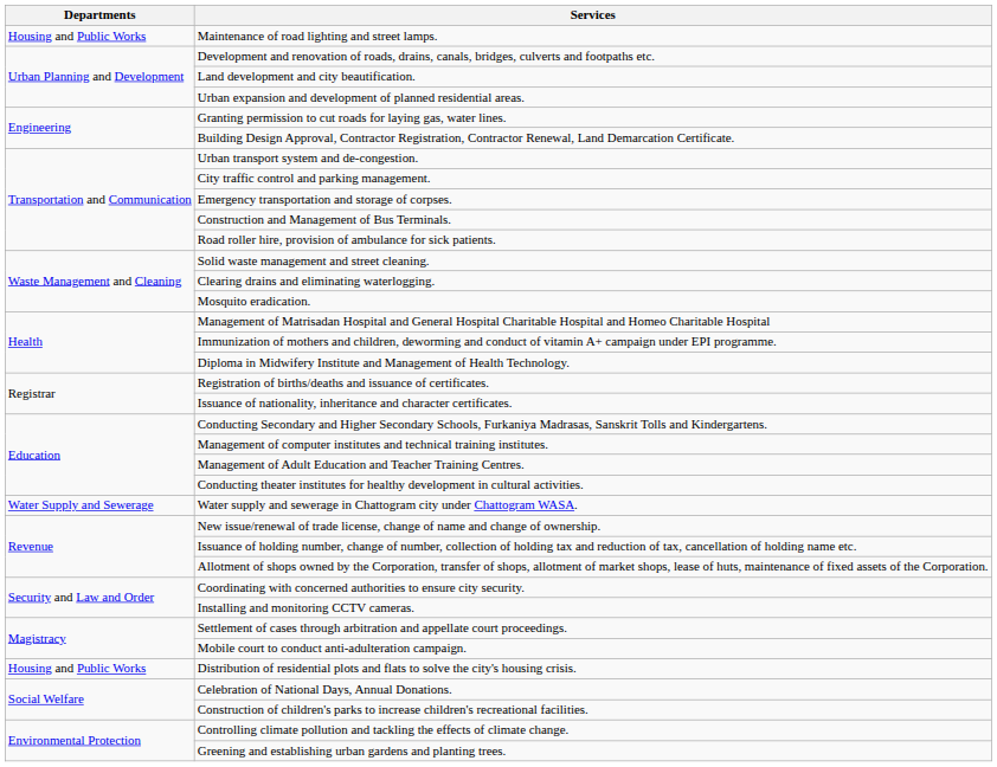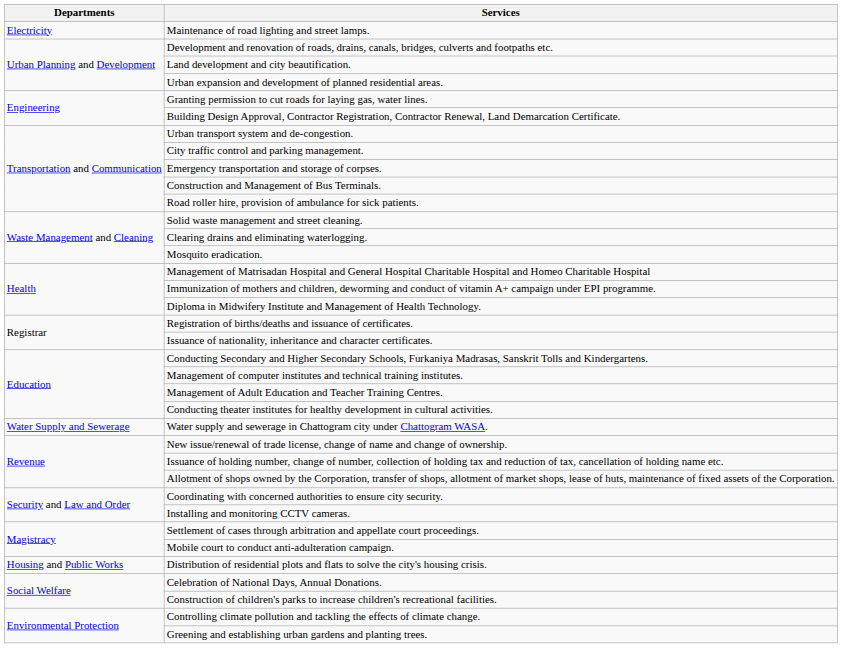 <table class="wikitable">
 <tr>
 <th>Departments</th>
 <th>Services</th>
 </tr>
 <tr>
-<td><a href='#'>Housing</a> and <a href='#'>Public Works</a></td>
+<td><a href='#'>Electricity</a></td>
 <td>Maintenance of road lighting and street lamps.</td>
 </tr>
 <tr>
 <td rowspan="3"><a href='#'>Urban Planning</a> and <a href='#'>Development</a></td>
 <td>Development and renovation of roads, drains, canals, bridges, culverts and footpaths etc.</td>
 </tr>
 <tr>
 <td>Land development and city beautification.</td>
 </tr>
 <tr>
 <td>Urban expansion and development of planned residential areas.</td>
 </tr>
 <tr>
 <td rowspan="2"><a href='#'>Engineering</a></td>
 <td>Granting permission to cut roads for laying gas, water lines.</td>
 </tr>
 <tr>
 <td>Building Design Approval, Contractor Registration, Contractor Renewal, Land Demarcation Certificate.</td>
 </tr>
 <tr>
 <td rowspan="5"><a href='#'>Transportation</a> and <a href='#'>Communication</a></td>
 <td>Urban transport system and de-congestion.</td>
 </tr>
 <tr>
 <td>City traffic control and parking management.</td>
 </tr>
 <tr>
 <td>Emergency transportation and storage of corpses.</td>
 </tr>
 <tr>
 <td>Construction and Management of Bus Terminals.</td>
 </tr>
 <tr>
 <td>Road roller hire, provision of ambulance for sick patients.</td>
 </tr>
 <tr>
 <td rowspan="3"><a href='#'>Waste Management</a> and <a href='#'>Cleaning</a></td>
 <td>Solid waste management and street cleaning.</td>
 </tr>
 <tr>
 <td>Clearing drains and eliminating waterlogging.</td>
 </tr>
 <tr>
 <td>Mosquito eradication.</td>
 </tr>
 <tr>
 <td rowspan="3"><a href='#'>Health</a></td>
 <td>Management of Matrisadan Hospital and General Hospital Charitable Hospital and Homeo Charitable Hospital</td>
 </tr>
 <tr>
 <td>Immunization of mothers and children, deworming and conduct of vitamin A+ campaign under EPI programme.</td>
 </tr>
 <tr>
 <td>Diploma in Midwifery Institute and Management of Health Technology.</td>
 </tr>
 <tr>
 <td rowspan="2">Registrar</td>
 <td>Registration of births/deaths and issuance of certificates.</td>
 </tr>
 <tr>
 <td>Issuance of nationality, inheritance and character certificates.</td>
 </tr>
 <tr>
 <td rowspan="4"><a href='#'>Education</a></td>
 <td>Conducting Secondary and Higher Secondary Schools, Furkaniya Madrasas, Sanskrit Tolls and Kindergartens.</td>
 </tr>
 <tr>
 <td>Management of computer institutes and technical training institutes.</td>
 </tr>
 <tr>
 <td>Management of Adult Education and Teacher Training Centres.</td>
 </tr>
 <tr>
 <td>Conducting theater institutes for healthy development in cultural activities.</td>
 </tr>
 <tr>
 <td><a href='#'>Water Supply and Sewerage</a></td>
 <td>Water supply and sewerage in Chattogram city under <a href='#'>Chattogram WASA</a>.</td>
 </tr>
 <tr>
 <td rowspan="3"><a href='#'>Revenue</a></td>
 <td>New issue/renewal of trade license, change of name and change of ownership.</td>
 </tr>
 <tr>
 <td>Issuance of holding number, change of number, collection of holding tax and reduction of tax, cancellation of holding name etc.</td>
 </tr>
 <tr>
 <td>Allotment of shops owned by the Corporation, transfer of shops, allotment of market shops, lease of huts, maintenance of fixed assets of the Corporation.</td>
 </tr>
 <tr>
 <td rowspan="2"><a href='#'>Security</a> and <a href='#'>Law and Order</a></td>
 <td>Coordinating with concerned authorities to ensure city security.</td>
 </tr>
 <tr>
 <td>Installing and monitoring CCTV cameras.</td>
 </tr>
 <tr>
 <td rowspan="2"><a href='#'>Magistracy</a></td>
 <td>Settlement of cases through arbitration and appellate court proceedings.</td>
 </tr>
 <tr>
 <td>Mobile court to conduct anti-adulteration campaign.</td>
 </tr>
 <tr>
 <td><a href='#'>Housing</a> and <a href='#'>Public Works</a></td>
 <td>Distribution of residential plots and flats to solve the city's housing crisis.</td>
 </tr>
 <tr>
 <td rowspan="2"><a href='#'>Social Welfare</a></td>
 <td>Celebration of National Days, Annual Donations.</td>
 </tr>
 <tr>
 <td>Construction of children's parks to increase children's recreational facilities.</td>
 </tr>
 <tr>
 <td rowspan="2"><a href='#'>Environmental Protection</a></td>
 <td>Controlling climate pollution and tackling the effects of climate change.</td>
 </tr>
 <tr>
 <td>Greening and establishing urban gardens and planting trees.</td>
 </tr>
 </table>
